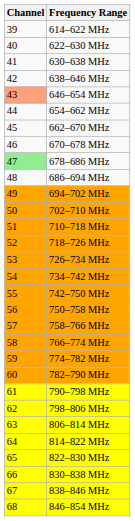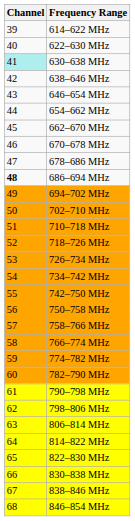 <table class="wikitable">
 <tr>
 <th>Channel</th>
 <th>Frequency Range</th>
 </tr>
 <tr>
 <td>39</td>
 <td>614–622 MHz</td>
 </tr>
 <tr>
 <td>40</td>
 <td>622–630 MHz</td>
 </tr>
 <tr>
-<td>41</td>
+<td style="background: paleturquoise;">41</td>
 <td>630–638 MHz</td>
 </tr>
 <tr>
 <td>42</td>
 <td>638–646 MHz</td>
 </tr>
 <tr>
-<td style="background: lightsalmon;">43</td>
+<td>43</td>
 <td>646–654 MHz</td>
 </tr>
 <tr>
 <td>44</td>
 <td>654–662 MHz</td>
 </tr>
 <tr>
 <td>45</td>
 <td>662–670 MHz</td>
 </tr>
 <tr>
 <td>46</td>
 <td>670–678 MHz</td>
 </tr>
 <tr>
-<td style="background: lightgreen;">47</td>
+<td>47</td>
 <td>678–686 MHz</td>
 </tr>
 <tr>
-<td>48</td>
+<td><strong>48</strong></td>
 <td>686–694 MHz</td>
 </tr>
 <tr style="background:orange">
 <td>49</td>
 <td>694–702 MHz</td>
 </tr>
 <tr style="background:orange">
 <td>50</td>
 <td>702–710 MHz</td>
 </tr>
 <tr style="background:orange">
 <td>51</td>
 <td>710–718 MHz</td>
 </tr>
 <tr style="background:orange">
 <td>52</td>
 <td>718–726 MHz</td>
 </tr>
 <tr style="background:orange">
 <td>53</td>
 <td>726–734 MHz</td>
 </tr>
 <tr style="background:orange">
 <td>54</td>
 <td>734–742 MHz</td>
 </tr>
 <tr style="background:orange">
 <td>55</td>
 <td>742–750 MHz</td>
 </tr>
 <tr style="background:orange">
 <td>56</td>
 <td>750–758 MHz</td>
 </tr>
 <tr style="background:orange">
 <td>57</td>
 <td>758–766 MHz</td>
 </tr>
 <tr style="background:orange">
 <td>58</td>
 <td>766–774 MHz</td>
 </tr>
 <tr style="background:orange">
 <td>59</td>
 <td>774–782 MHz</td>
 </tr>
 <tr style="background:orange">
 <td>60</td>
 <td>782–790 MHz</td>
 </tr>
 <tr style="background:yellow">
 <td>61</td>
 <td>790–798 MHz</td>
 </tr>
 <tr style="background:yellow">
 <td>62</td>
 <td>798–806 MHz</td>
 </tr>
 <tr style="background:yellow">
 <td>63</td>
 <td>806–814 MHz</td>
 </tr>
 <tr style="background:yellow">
 <td>64</td>
 <td>814–822 MHz</td>
 </tr>
 <tr style="background:yellow">
 <td>65</td>
 <td>822–830 MHz</td>
 </tr>
 <tr style="background:yellow">
 <td>66</td>
 <td>830–838 MHz</td>
 </tr>
 <tr style="background:yellow">
 <td>67</td>
 <td>838–846 MHz</td>
 </tr>
 <tr style="background:yellow">
 <td>68</td>
 <td>846–854 MHz</td>
 </tr>
 </table>
